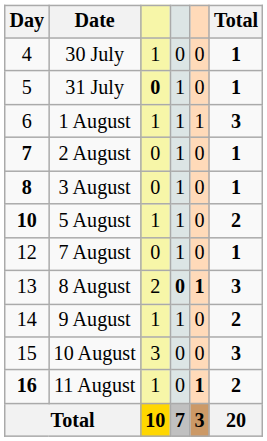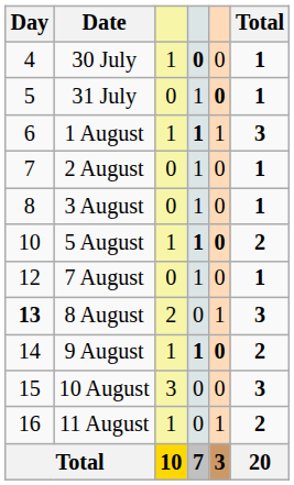 <table class=wikitable style=font-size:85%;float:right;text-align:center>
 <tr>
 <th>Day</th>
 <th>Date</th>
 <td bgcolor=F7F6A8></td>
 <td bgcolor=DCE5E5></td>
 <td bgcolor=FFDAB9></td>
 <th>Total</th>
 </tr>
 <tr>
 <td>4</td>
 <td>30 July</td>
 <td bgcolor=F7F6A8>1</td>
-<td bgcolor=DCE5E5>0</td>
+<td bgcolor=DCE5E5><strong>0</strong></td>
 <td bgcolor=FFDAB9>0</td>
 <td><strong>1</strong></td>
 </tr>
 <tr>
 <td>5</td>
 <td>31 July</td>
-<td bgcolor=F7F6A8><strong>0</strong></td>
+<td bgcolor=F7F6A8>0</td>
 <td bgcolor=DCE5E5>1</td>
-<td bgcolor=FFDAB9>0</td>
+<td bgcolor=FFDAB9><strong>0</strong></td>
 <td><strong>1</strong></td>
 </tr>
 <tr>
 <td>6</td>
 <td>1 August</td>
 <td bgcolor=F7F6A8>1</td>
-<td bgcolor=DCE5E5>1</td>
+<td bgcolor=DCE5E5><strong>1</strong></td>
 <td bgcolor=FFDAB9>1</td>
 <td><strong>3</strong></td>
 </tr>
 <tr>
-<td><strong>7</strong></td>
+<td>7</td>
 <td>2 August</td>
 <td bgcolor=F7F6A8>0</td>
 <td bgcolor=DCE5E5>1</td>
 <td bgcolor=FFDAB9>0</td>
 <td><strong>1</strong></td>
 </tr>
 <tr>
-<td><strong>8</strong></td>
+<td>8</td>
 <td>3 August</td>
 <td bgcolor=F7F6A8>0</td>
 <td bgcolor=DCE5E5>1</td>
 <td bgcolor=FFDAB9>0</td>
 <td><strong>1</strong></td>
 </tr>
 <tr>
-<td><strong>10</strong></td>
+<td>10</td>
 <td>5 August</td>
 <td bgcolor=F7F6A8>1</td>
-<td bgcolor=DCE5E5>1</td>
-<td bgcolor=FFDAB9>0</td>
+<td bgcolor=DCE5E5><strong>1</strong></td>
+<td bgcolor=FFDAB9><strong>0</strong></td>
 <td><strong>2</strong></td>
 </tr>
 <tr>
 <td>12</td>
 <td>7 August</td>
 <td bgcolor=F7F6A8>0</td>
 <td bgcolor=DCE5E5>1</td>
 <td bgcolor=FFDAB9>0</td>
 <td><strong>1</strong></td>
 </tr>
 <tr>
-<td>13</td>
+<td><strong>13</strong></td>
 <td>8 August</td>
 <td bgcolor=F7F6A8>2</td>
-<td bgcolor=DCE5E5><strong>0</strong></td>
-<td bgcolor=FFDAB9><strong>1</strong></td>
+<td bgcolor=DCE5E5>0</td>
+<td bgcolor=FFDAB9>1</td>
 <td><strong>3</strong></td>
 </tr>
 <tr>
 <td>14</td>
 <td>9 August</td>
 <td bgcolor=F7F6A8>1</td>
-<td bgcolor=DCE5E5>1</td>
-<td bgcolor=FFDAB9>0</td>
+<td bgcolor=DCE5E5><strong>1</strong></td>
+<td bgcolor=FFDAB9><strong>0</strong></td>
 <td><strong>2</strong></td>
 </tr>
 <tr>
 <td>15</td>
 <td>10 August</td>
 <td bgcolor=F7F6A8>3</td>
 <td bgcolor=DCE5E5>0</td>
 <td bgcolor=FFDAB9>0</td>
 <td><strong>3</strong></td>
 </tr>
 <tr>
-<td><strong>16</strong></td>
+<td>16</td>
 <td>11 August</td>
 <td bgcolor=F7F6A8>1</td>
 <td bgcolor=DCE5E5>0</td>
-<td bgcolor=FFDAB9><strong>1</strong></td>
+<td bgcolor=FFDAB9>1</td>
 <td><strong>2</strong></td>
 </tr>
 <tr>
 <th colspan=2>Total</th>
 <th style=background:gold>10</th>
 <th style=background:silver>7</th>
 <th style=background:#c96>3</th>
 <th>20</th>
 </tr>
 </table>
